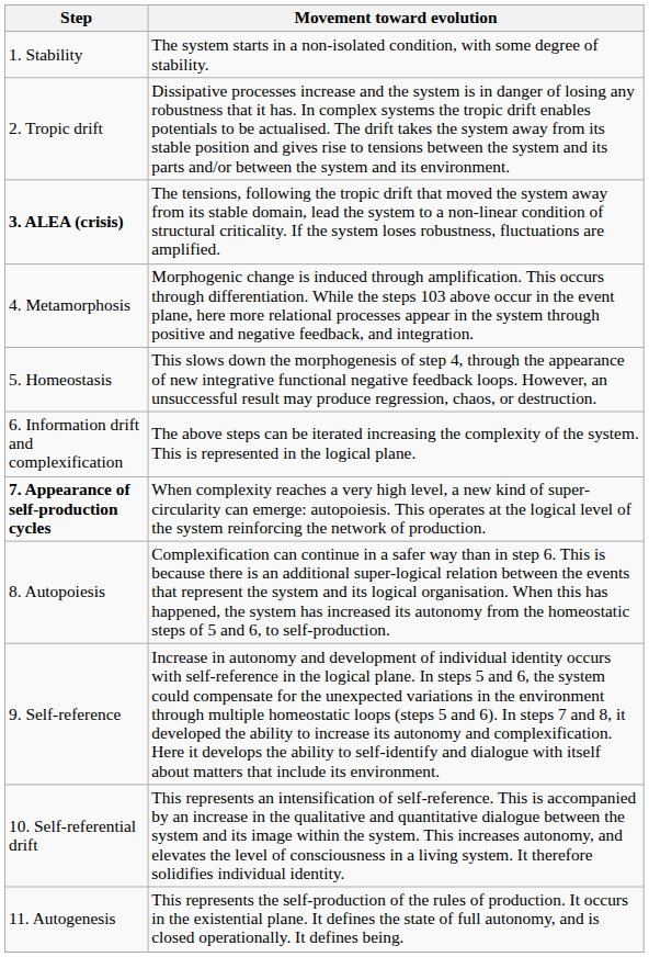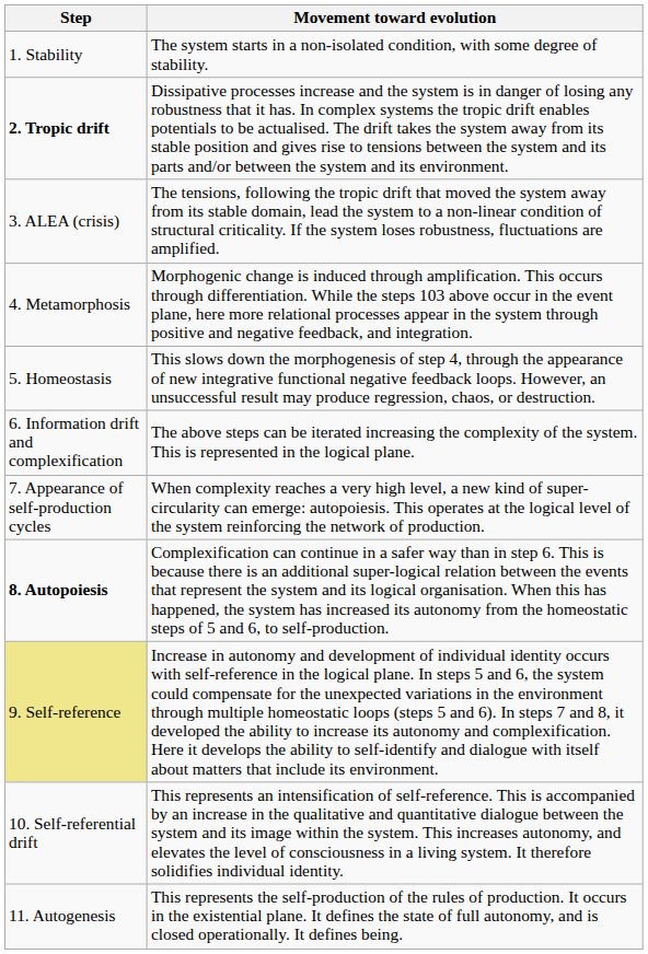 <table class="wikitable">
 <tr>
 <th>Step</th>
 <th>Movement toward evolution</th>
 </tr>
 <tr>
 <td>1. Stability</td>
 <td>The system starts in a non-isolated condition, with some degree of stability.</td>
 </tr>
 <tr>
-<td>2. Tropic drift</td>
+<td><strong>2. Tropic drift</strong></td>
 <td>Dissipative processes increase and the system is in danger of losing any robustness that it has. In complex systems the tropic drift enables potentials to be actualised. The drift takes the system away from its stable position and gives rise to tensions between the system and its parts and/or between the system and its environment.</td>
 </tr>
 <tr>
-<td><strong>3. ALEA (crisis)</strong></td>
+<td>3. ALEA (crisis)</td>
 <td>The tensions, following the tropic drift that moved the system away from its stable domain, lead the system to a non-linear condition of structural criticality. If the system loses robustness, fluctuations are amplified.</td>
 </tr>
 <tr>
 <td>4. Metamorphosis</td>
 <td>Morphogenic change is induced through amplification. This occurs through differentiation. While the steps 103 above occur in the event plane, here more relational processes appear in the system through positive and negative feedback, and integration.</td>
 </tr>
 <tr>
 <td>5. Homeostasis</td>
 <td>This slows down the morphogenesis of step 4, through the appearance of new integrative functional negative feedback loops. However, an unsuccessful result may produce regression, chaos, or destruction.</td>
 </tr>
 <tr>
 <td>6. Information drift and complexification</td>
 <td>The above steps can be iterated increasing the complexity of the system. This is represented in the logical plane.</td>
 </tr>
 <tr>
-<td><strong>7. Appearance of self-production cycles</strong></td>
+<td>7. Appearance of self-production cycles</td>
 <td>When complexity reaches a very high level, a new kind of super-circularity can emerge: autopoiesis.  This operates at the logical level of the system reinforcing the network of production.</td>
 </tr>
 <tr>
-<td>8. Autopoiesis</td>
+<td><strong>8. Autopoiesis</strong></td>
 <td>Complexification can continue in a safer way than in step 6. This is because there is an additional super-logical relation between the events that represent the system and its logical organisation. When this has happened, the system has increased its autonomy from the homeostatic steps of 5 and 6, to self-production.</td>
 </tr>
 <tr>
-<td>9. Self-reference</td>
+<td style="background: khaki;">9. Self-reference</td>
 <td>Increase in autonomy and development of individual identity occurs with self-reference in the logical plane. In steps 5 and 6, the system could compensate for the unexpected variations in the environment through multiple homeostatic loops (steps 5 and 6). In steps 7 and 8, it developed the ability to increase its autonomy and complexification. Here it develops the ability to self-identify and dialogue with itself about matters that include its environment.</td>
 </tr>
 <tr>
 <td>10. Self-referential drift</td>
 <td>This represents an intensification of self-reference. This is accompanied by an increase in the qualitative and quantitative dialogue between the system and its image within the system. This increases autonomy, and elevates the level of consciousness in a living system. It therefore solidifies individual identity.</td>
 </tr>
 <tr>
 <td>11. Autogenesis</td>
 <td>This represents the self-production of the rules of production. It occurs in the existential plane. It defines the state of full autonomy, and is closed operationally. It defines being.</td>
 </tr>
 </table>
